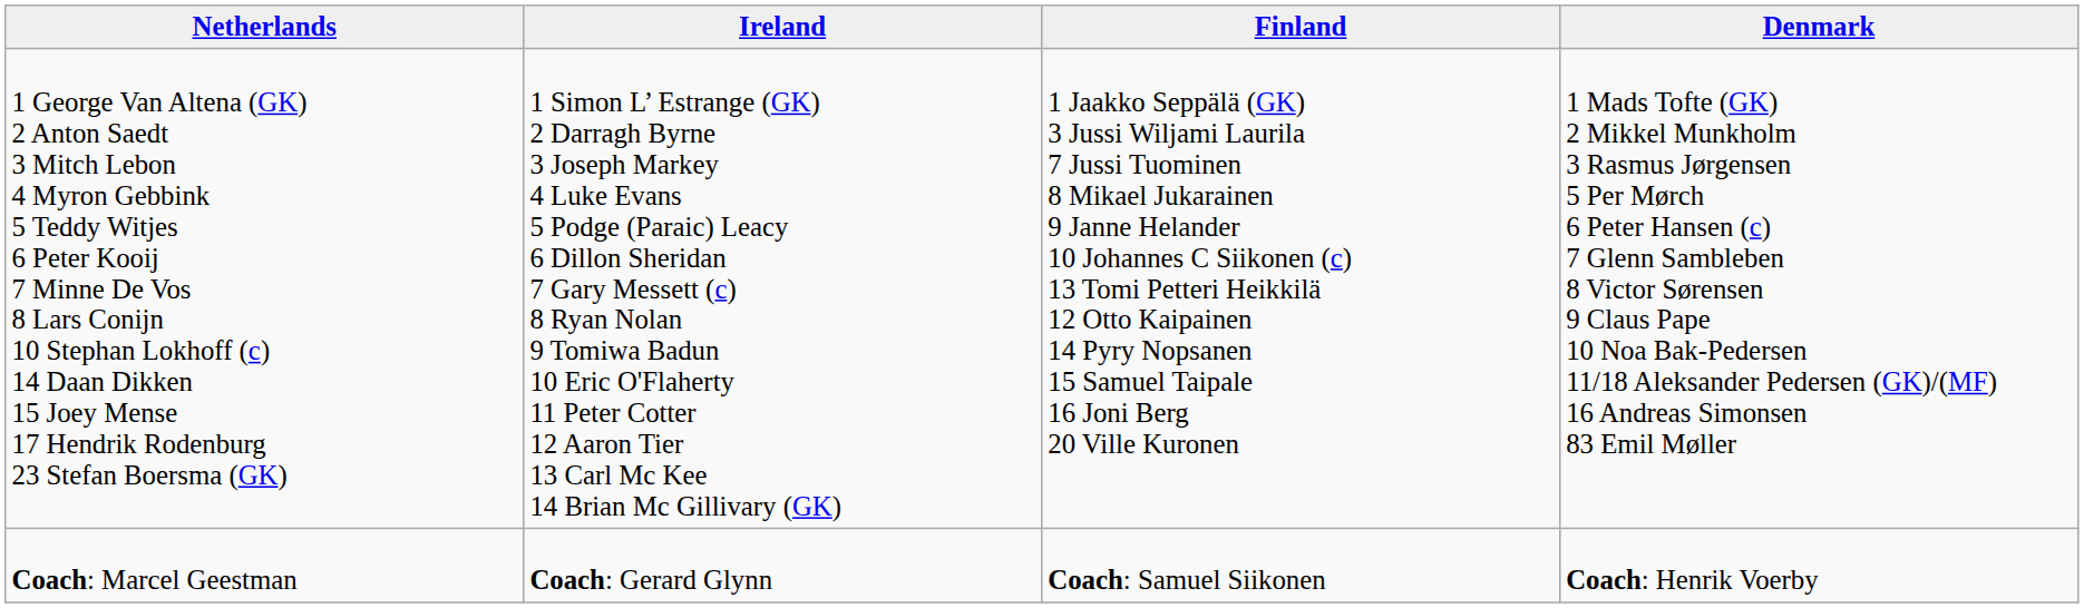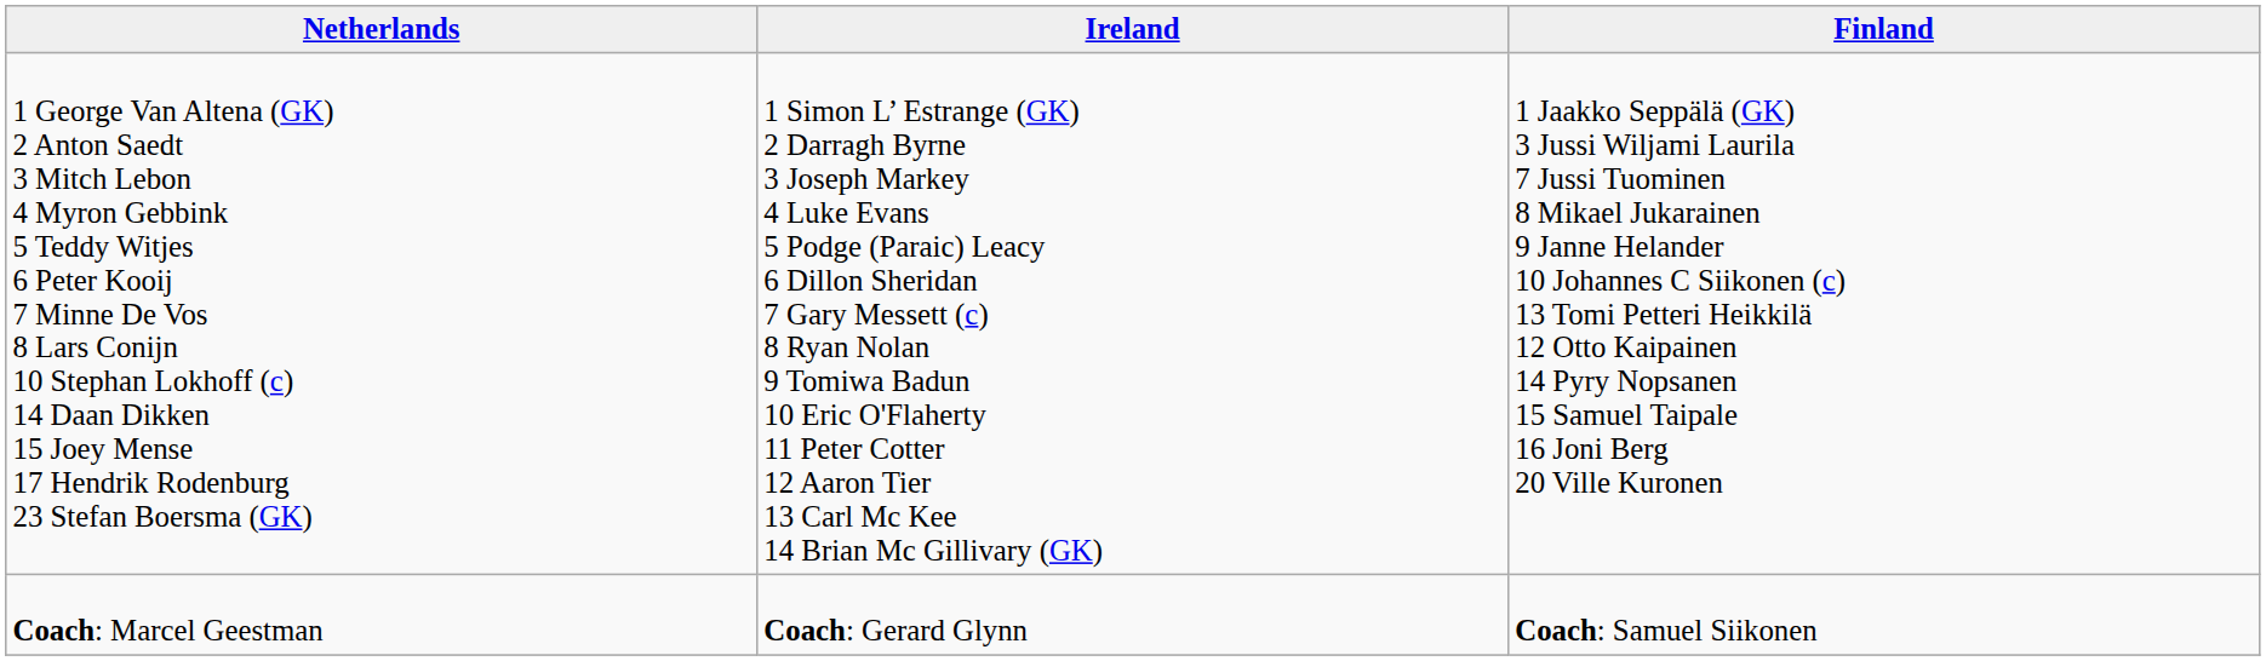 <table class="wikitable mw-collapsible mw-collapsed" cellpadding=5 cellspacing=0 style="width:95%;">
 <tr align=center>
 <td bgcolor="#efefef" width="200"><strong> <a href='#'>Netherlands</a></strong></td>
 <td bgcolor="#efefef" width="200"><strong> <a href='#'>Ireland</a></strong></td>
 <td bgcolor="#efefef" width="200"><strong> <a href='#'>Finland</a></strong></td>
-<td bgcolor="#efefef" width="200"><strong> <a href='#'>Denmark</a></strong></td>
 </tr>
 <tr valign=top>
 <td><br>1 George Van Altena (<a href='#'>GK</a>)<br> 2 Anton Saedt<br> 3 Mitch Lebon<br> 4 Myron Gebbink<br> 5 Teddy Witjes<br> 6 Peter Kooij<br> 7 Minne De Vos<br> 8 Lars Conijn<br> 10 Stephan Lokhoff (<a href='#'>c</a>)<br> 14 Daan Dikken<br> 15 Joey Mense<br> 17 Hendrik Rodenburg<br> 23 Stefan Boersma (<a href='#'>GK</a>)</td>
 <td><br>1 Simon L’ Estrange (<a href='#'>GK</a>)<br> 2 Darragh Byrne<br> 3 Joseph Markey<br> 4 Luke Evans<br> 5 Podge (Paraic) Leacy<br> 6 Dillon Sheridan<br> 7 Gary Messett (<a href='#'>c</a>)<br> 8 Ryan Nolan<br> 9 Tomiwa Badun<br> 10 Eric O'Flaherty<br> 11 Peter Cotter<br> 12 Aaron Tier<br> 13 Carl Mc Kee<br> 14 Brian Mc Gillivary (<a href='#'>GK</a>)</td>
 <td><br>1 Jaakko Seppälä (<a href='#'>GK</a>)<br> 3 Jussi Wiljami Laurila<br> 7 Jussi Tuominen<br> 8 Mikael Jukarainen<br> 9 Janne Helander<br> 10 Johannes C Siikonen (<a href='#'>c</a>)<br> 13 Tomi Petteri Heikkilä<br> 12 Otto Kaipainen<br> 14 Pyry Nopsanen<br> 15 Samuel Taipale<br> 16 Joni Berg<br> 20 Ville Kuronen</td>
-<td><br>1 Mads Tofte (<a href='#'>GK</a>)<br> 2 Mikkel Munkholm<br> 3 Rasmus Jørgensen<br> 5 Per Mørch<br> 6 Peter Hansen (<a href='#'>c</a>)<br> 7 Glenn Sambleben<br> 8 Victor Sørensen<br> 9 Claus Pape<br> 10 Noa Bak-Pedersen<br> 11/18 Aleksander Pedersen (<a href='#'>GK</a>)/(<a href='#'>MF</a>)<br> 16 Andreas Simonsen<br> 83 Emil Møller</td>
 </tr>
 <tr valign=top>
 <td><br><strong>Coach</strong>: Marcel Geestman</td>
 <td><br><strong>Coach</strong>: Gerard Glynn</td>
 <td><br><strong>Coach</strong>: Samuel Siikonen</td>
-<td><br><strong>Coach</strong>: Henrik Voerby</td>
 </tr>
 </table>
